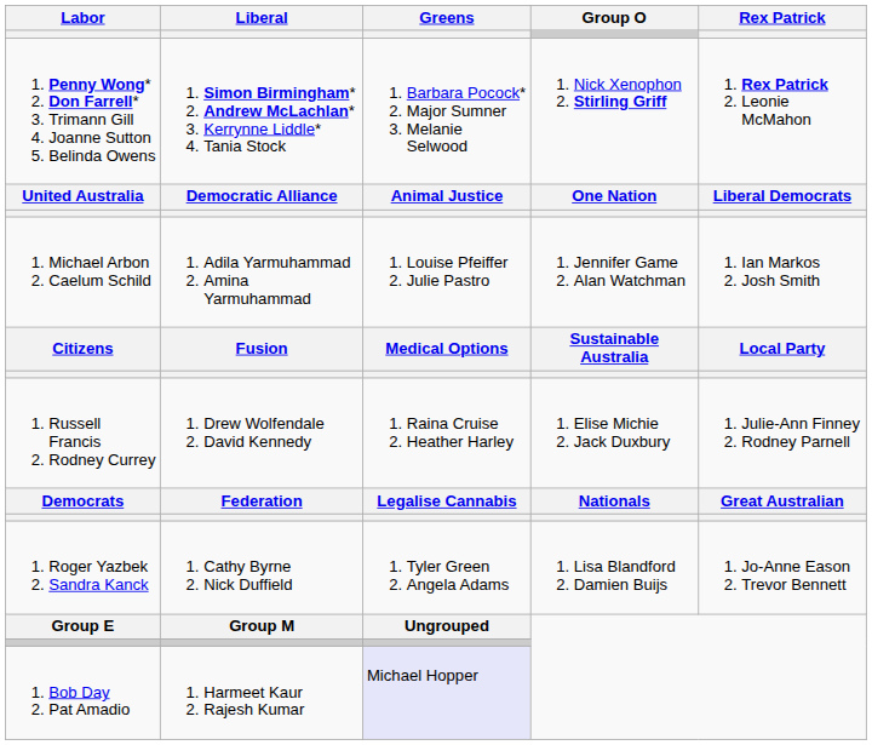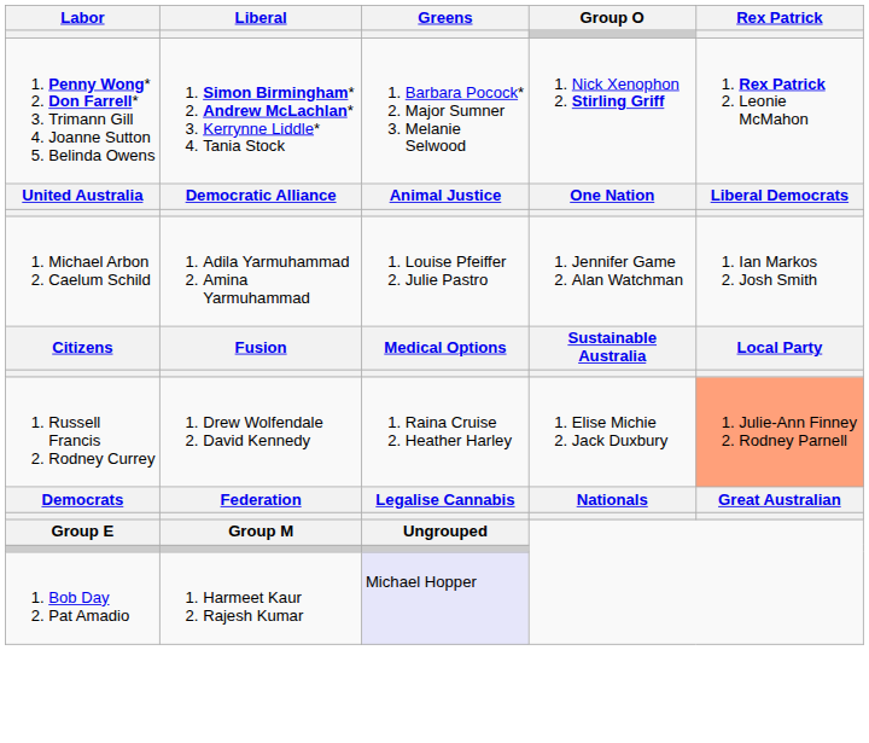 <table class=wikitable>
 <tr>
 <th><a href='#'>Labor</a></th>
 <th><a href='#'>Liberal</a></th>
 <th><a href='#'>Greens</a></th>
 <th>Group O</th>
 <th><a href='#'>Rex Patrick</a></th>
 </tr>
 <tr style=background:#ccc>
 <th></th>
 <th></th>
 <th></th>
 <td></td>
 <th></th>
 </tr>
 <tr>
 <td><br><ol><li><strong><a href='#'>Penny Wong</a></strong>*</li><li><strong><a href='#'>Don Farrell</a></strong>*</li><li>Trimann Gill</li><li>Joanne Sutton</li><li>Belinda Owens</li></ol></td>
 <td><br><ol><li><strong><a href='#'>Simon Birmingham</a></strong>*</li><li><strong><a href='#'>Andrew McLachlan</a></strong>*</li><li><a href='#'>Kerrynne Liddle</a>*</li><li>Tania Stock</li></ol></td>
 <td><br><ol><li><a href='#'>Barbara Pocock</a>*</li><li>Major Sumner</li><li>Melanie Selwood</li></ol></td>
 <td valign=top><br><ol><li><a href='#'>Nick Xenophon</a></li><li><strong><a href='#'>Stirling Griff</a></strong></li></ol></td>
 <td valign=top><br><ol><li><strong><a href='#'>Rex Patrick</a></strong></li><li>Leonie McMahon</li></ol></td>
 </tr>
 <tr>
 <th><a href='#'>United Australia</a></th>
 <th><a href='#'>Democratic Alliance</a></th>
 <th><a href='#'>Animal Justice</a></th>
 <th><a href='#'>One Nation</a></th>
 <th><a href='#'>Liberal Democrats</a></th>
 </tr>
 <tr style=background:#ccc>
 <th></th>
 <th></th>
 <th></th>
 <th></th>
 <th></th>
 </tr>
 <tr>
 <td valign=top><br><ol><li>Michael Arbon</li><li>Caelum Schild</li></ol></td>
 <td valign=top><br><ol><li>Adila Yarmuhammad</li><li>Amina Yarmuhammad</li></ol></td>
 <td valign=top><br><ol><li>Louise Pfeiffer</li><li>Julie Pastro</li></ol></td>
 <td valign=top><br><ol><li>Jennifer Game</li><li>Alan Watchman</li></ol></td>
 <td valign=top><br><ol><li>Ian Markos</li><li>Josh Smith</li></ol></td>
 </tr>
 <tr>
 <th><a href='#'>Citizens</a></th>
 <th><a href='#'>Fusion</a></th>
 <th><a href='#'>Medical Options</a></th>
 <th><a href='#'>Sustainable Australia</a></th>
 <th><a href='#'>Local Party</a></th>
 </tr>
 <tr style=background:#ccc>
 <th></th>
 <th></th>
 <th></th>
 <th></th>
 <th></th>
 </tr>
 <tr>
 <td valign=top><br><ol><li>Russell Francis</li><li>Rodney Currey</li></ol></td>
 <td valign=top><br><ol><li>Drew Wolfendale</li><li>David Kennedy</li></ol></td>
 <td valign=top><br><ol><li>Raina Cruise</li><li>Heather Harley</li></ol></td>
 <td valign=top><br><ol><li>Elise Michie</li><li>Jack Duxbury</li></ol></td>
-<td valign=top><br><ol><li>Julie-Ann Finney</li><li>Rodney Parnell</li></ol></td>
+<td valign=top style="background: lightsalmon;"><br><ol><li>Julie-Ann Finney</li><li>Rodney Parnell</li></ol></td>
 </tr>
 <tr>
 <th><a href='#'>Democrats</a></th>
 <th><a href='#'>Federation</a></th>
 <th><a href='#'>Legalise Cannabis</a></th>
 <th><a href='#'>Nationals</a></th>
 <th><a href='#'>Great Australian</a></th>
 </tr>
 <tr style=background:#ccc>
 <th></th>
 <th></th>
 <th></th>
 <th></th>
 <th></th>
-</tr>
-<tr>
-<td valign=top><br><ol><li>Roger Yazbek</li><li><a href='#'>Sandra Kanck</a></li></ol></td>
-<td valign=top><br><ol><li>Cathy Byrne</li><li>Nick Duffield</li></ol></td>
-<td valign=top><br><ol><li>Tyler Green</li><li>Angela Adams</li></ol></td>
-<td valign=top><br><ol><li>Lisa Blandford</li><li>Damien Buijs</li></ol></td>
-<td valign=top><br><ol><li>Jo-Anne Eason</li><li>Trevor Bennett</li></ol></td>
 </tr>
 <tr>
 <th>Group E</th>
 <th>Group M</th>
 <th>Ungrouped</th>
 </tr>
 <tr style=background:#ccc>
 <td></td>
 <td></td>
 <td></td>
 </tr>
 <tr>
 <td valign=top><br><ol><li><a href='#'>Bob Day</a></li><li>Pat Amadio</li></ol></td>
 <td valign=top><br><ol><li>Harmeet Kaur</li><li>Rajesh Kumar</li></ol></td>
 <td valign=top style="background: lavender;"><br>Michael Hopper</td>
 </tr>
 </table>
